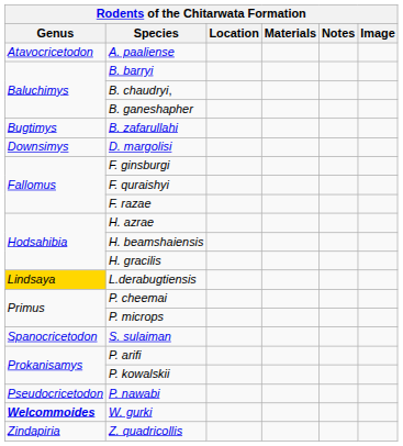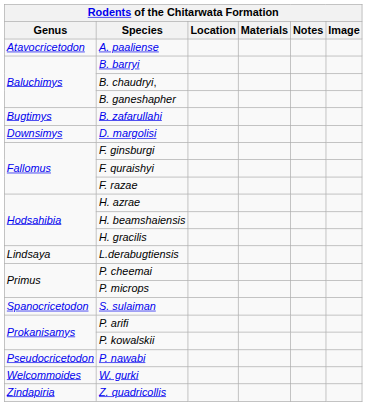 <table class="wikitable">
 <tr>
 <th colspan="7" align="center"><strong><a href='#'>Rodents</a> of the Chitarwata Formation</strong></th>
 </tr>
 <tr>
 <th>Genus</th>
 <th>Species</th>
 <th>Location</th>
 <th>Materials</th>
 <th>Notes</th>
 <th>Image</th>
 </tr>
 <tr>
 <td><em><a href='#'>Atavocricetodon</a></em></td>
 <td><em><a href='#'>A. paaliense</a></em></td>
 <td></td>
 <td></td>
 <td></td>
 <td></td>
 </tr>
 <tr>
 <td rowspan = "3"><em><a href='#'>Baluchimys</a></em></td>
 <td><em><a href='#'>B. barryi</a></em></td>
 <td></td>
 <td></td>
 <td></td>
 <td></td>
 </tr>
 <tr>
 <td><em>B. chaudryi</em>,</td>
 <td></td>
 <td></td>
 <td></td>
 <td></td>
 </tr>
 <tr>
 <td><em>B. ganeshapher</em></td>
 <td></td>
 <td></td>
 <td></td>
 <td></td>
 </tr>
 <tr>
 <td><em><a href='#'>Bugtimys</a></em></td>
 <td><em><a href='#'>B. zafarullahi</a></em></td>
 <td></td>
 <td></td>
 <td></td>
 <td></td>
 </tr>
 <tr>
 <td><em><a href='#'>Downsimys</a></em></td>
 <td><em><a href='#'>D. margolisi</a></em></td>
 <td></td>
 <td></td>
 <td></td>
 <td></td>
 </tr>
 <tr>
 <td rowspan = "3"><em><a href='#'>Fallomus</a></em></td>
 <td><em>F. ginsburgi</em></td>
 <td></td>
 <td></td>
 <td></td>
 <td></td>
 </tr>
 <tr>
 <td><em>F. quraishyi</em></td>
 <td></td>
 <td></td>
 <td></td>
 <td></td>
 </tr>
 <tr>
 <td><em>F. razae</em></td>
 <td></td>
 <td></td>
 <td></td>
 <td></td>
 </tr>
 <tr>
 <td rowspan = "3"><em><a href='#'>Hodsahibia</a></em></td>
 <td><em>H. azrae</em></td>
 <td></td>
 <td></td>
 <td></td>
 </tr>
 <tr>
 <td><em>H. beamshaiensis</em></td>
 <td></td>
 <td></td>
 <td></td>
 <td></td>
 </tr>
 <tr>
 <td><em>H. gracilis</em></td>
 <td></td>
 <td></td>
 <td></td>
 <td></td>
 </tr>
 <tr>
-<td style="background: gold;"><em>Lindsaya</em></td>
+<td><em>Lindsaya</em></td>
 <td><em>L.derabugtiensis</em></td>
 <td></td>
 <td></td>
 <td></td>
 <td></td>
 </tr>
 <tr>
 <td rowspan = "2"><em>Primus</em></td>
 <td><em>P. cheemai</em></td>
 <td></td>
 <td></td>
 <td></td>
 <td></td>
 </tr>
 <tr>
 <td><em>P. microps</em></td>
 <td></td>
 <td></td>
 <td></td>
 <td></td>
 </tr>
 <tr>
 <td><em><a href='#'>Spanocricetodon</a></em></td>
 <td><em><a href='#'>S. sulaiman</a></em></td>
 <td></td>
 <td></td>
 <td></td>
 <td></td>
 </tr>
 <tr>
 <td rowspan = "2"><em><a href='#'>Prokanisamys</a></em></td>
 <td><em>P. arifi</em></td>
 <td></td>
 <td></td>
 <td></td>
 <td></td>
 </tr>
 <tr>
 <td><em>P. kowalskii</em></td>
 <td></td>
 <td></td>
 <td></td>
 <td></td>
 </tr>
 <tr>
 <td><em><a href='#'>Pseudocricetodon</a></em></td>
 <td><em><a href='#'>P. nawabi</a></em></td>
 <td></td>
 <td></td>
 <td></td>
 <td></td>
 </tr>
 <tr>
-<td><strong><em><a href='#'>Welcommoides</a></em></strong></td>
+<td><em><a href='#'>Welcommoides</a></em></td>
 <td><em><a href='#'>W. gurki</a></em></td>
 <td></td>
 <td></td>
 <td></td>
 <td></td>
 </tr>
 <tr>
 <td><em><a href='#'>Zindapiria</a></em></td>
 <td><em><a href='#'>Z. quadricollis</a></em></td>
 <td></td>
 <td></td>
 <td></td>
 <td></td>
 </tr>
 </table>
